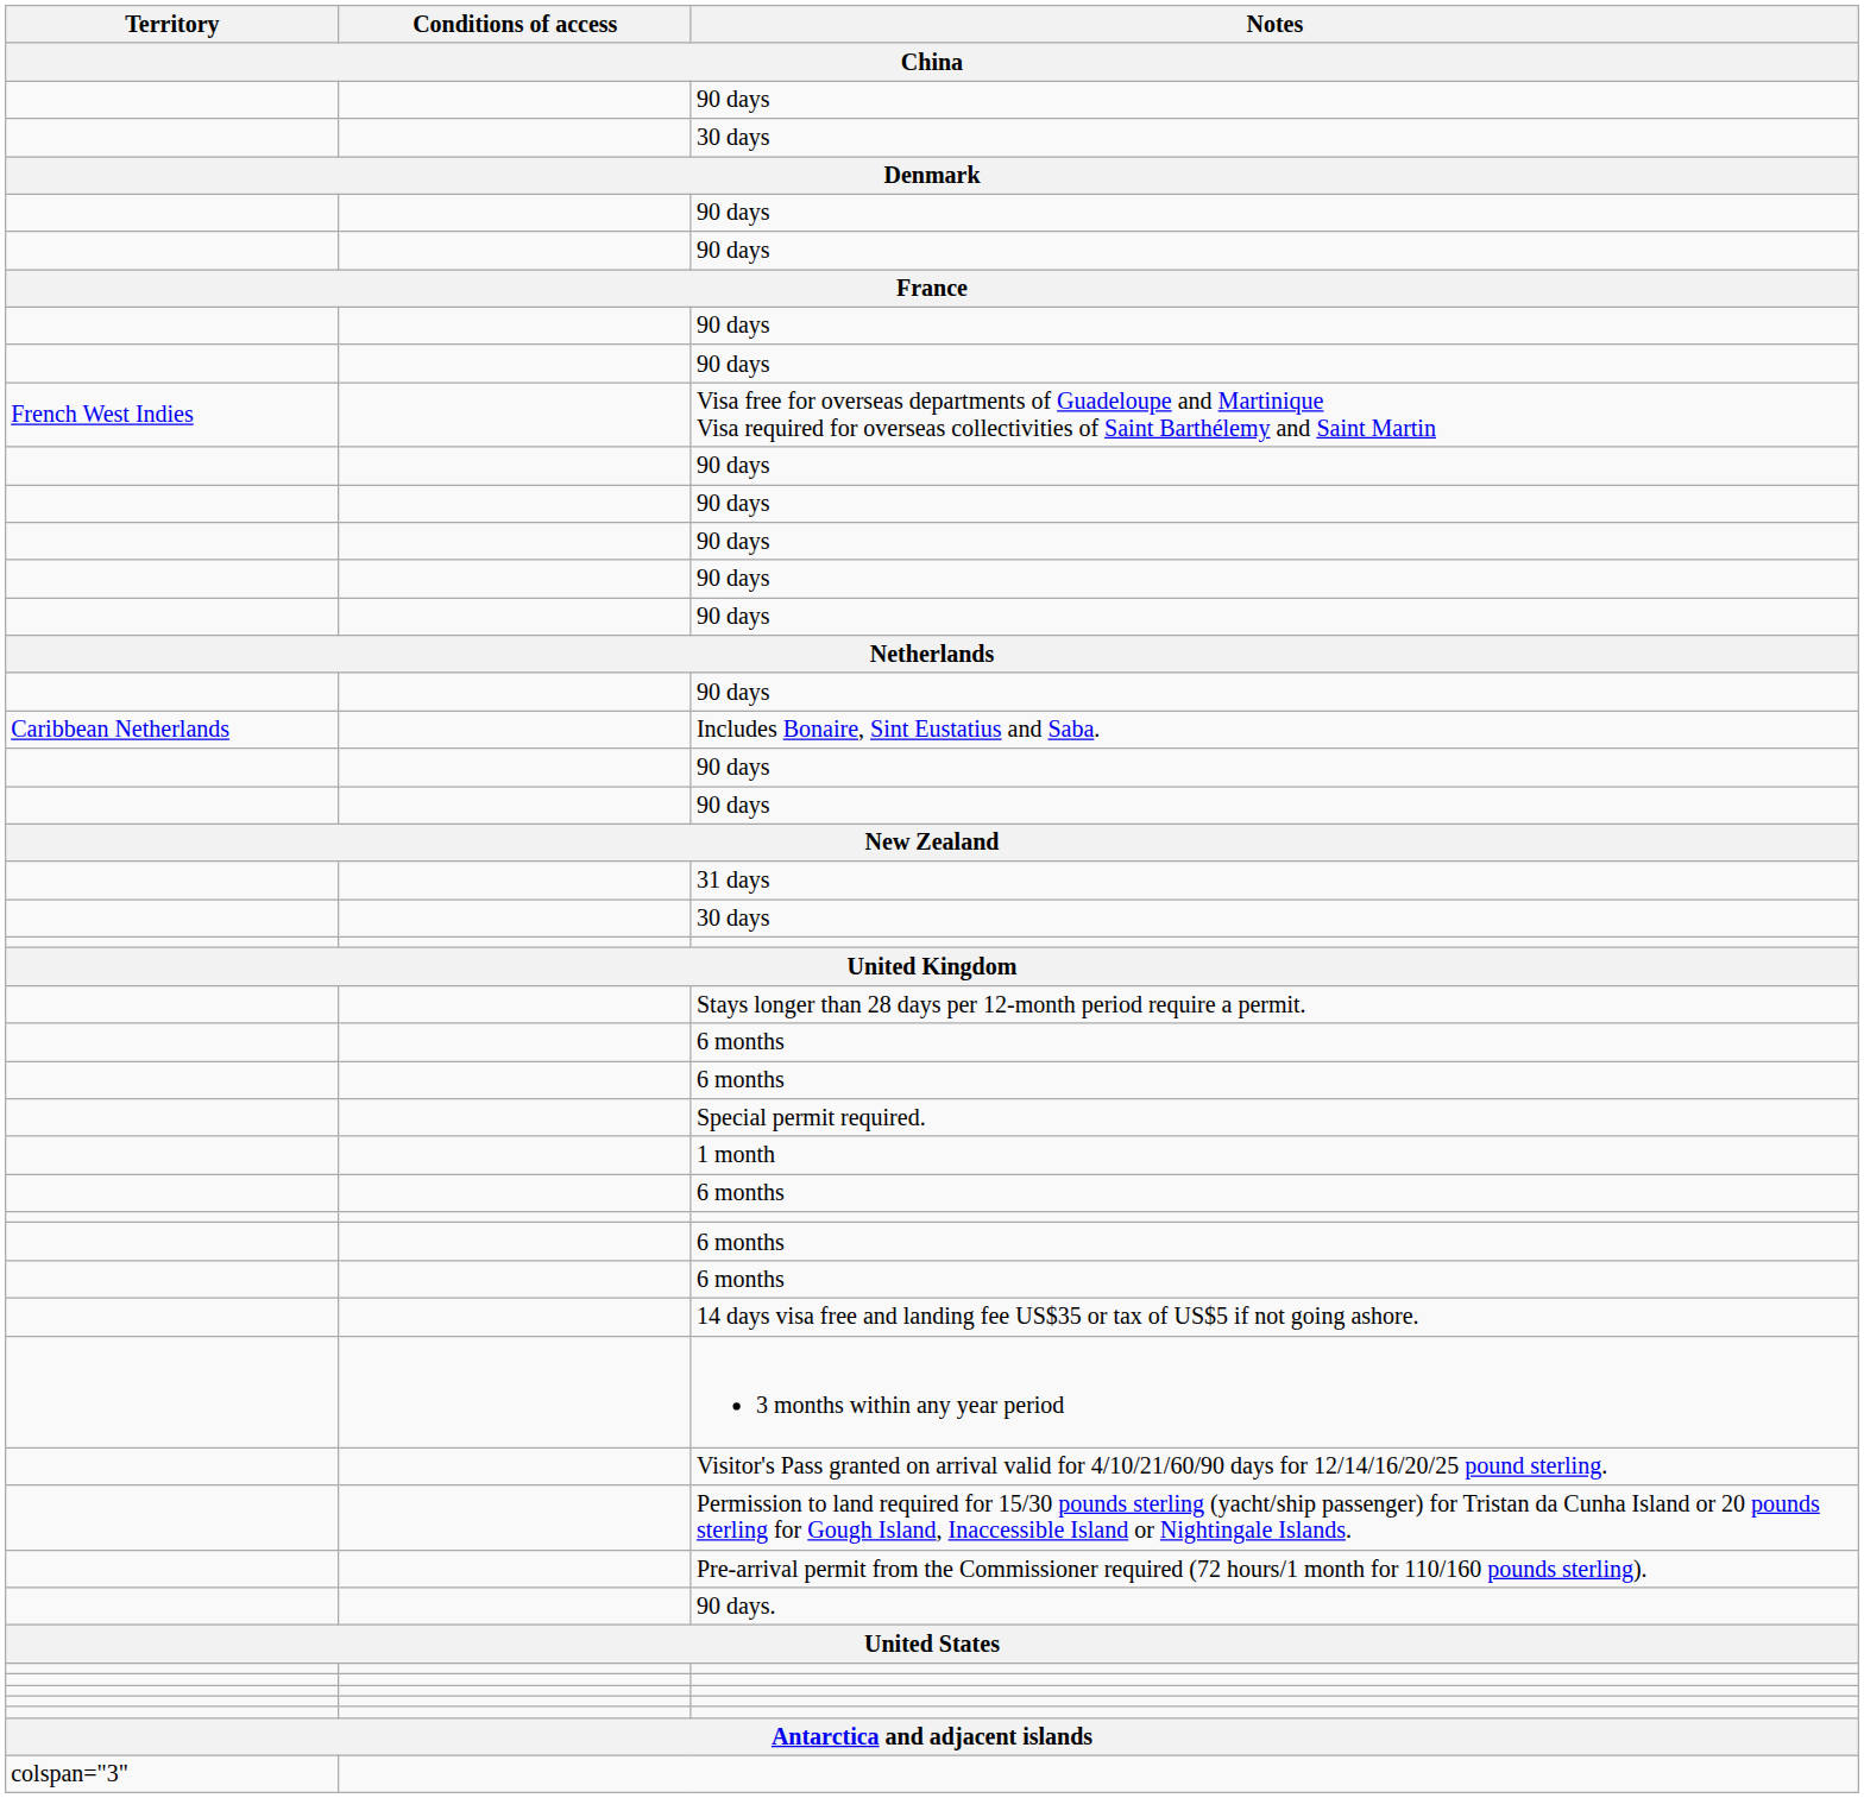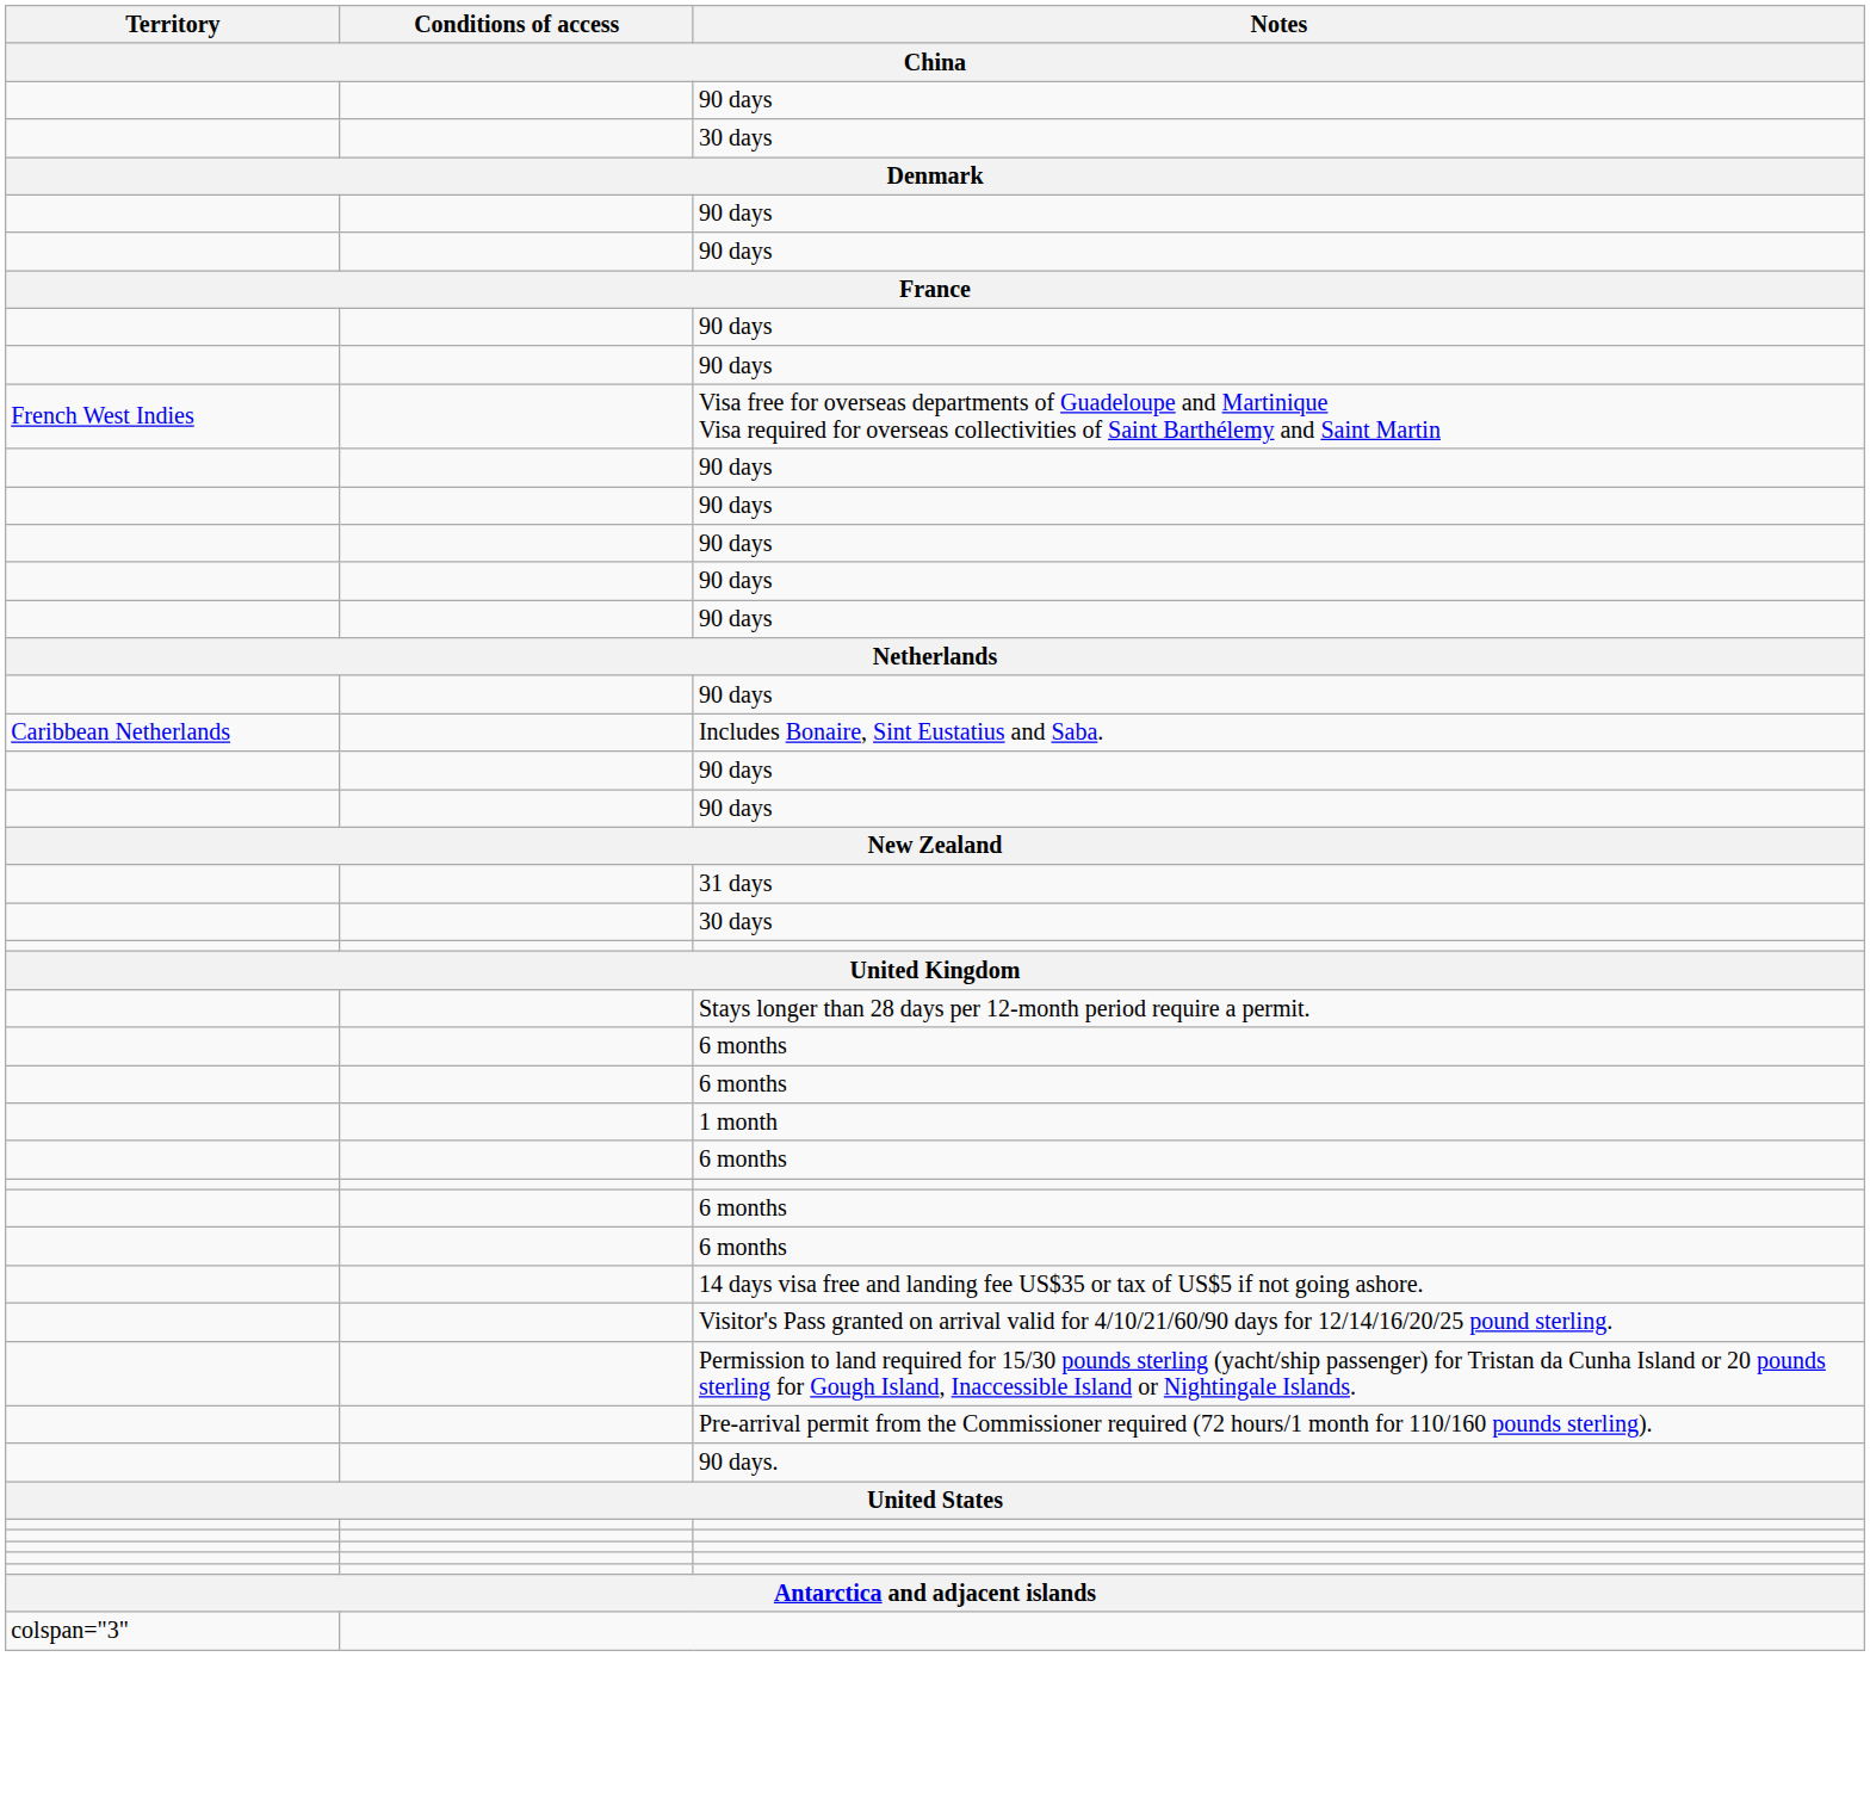 <table class="wikitable" style="text-align: left; table-layout: fixed;">
 <tr>
 <th style="width:18%;">Territory</th>
 <th style="width:19%;">Conditions of access</th>
 <th>Notes</th>
 </tr>
 <tr>
 <th colspan="3">China</th>
 </tr>
 <tr>
 <td></td>
 <td></td>
 <td>90 days</td>
 </tr>
 <tr>
 <td></td>
 <td></td>
 <td>30 days</td>
 </tr>
 <tr>
 <th colspan="3">Denmark</th>
 </tr>
 <tr>
 <td></td>
 <td></td>
 <td>90 days</td>
 </tr>
 <tr>
 <td></td>
 <td></td>
 <td>90 days</td>
 </tr>
 <tr>
 <th colspan="3">France</th>
 </tr>
 <tr>
 <td></td>
 <td></td>
 <td>90 days</td>
 </tr>
 <tr>
 <td></td>
 <td></td>
 <td>90 days</td>
 </tr>
 <tr>
 <td> <a href='#'>French West Indies</a></td>
 <td></td>
 <td>Visa free for overseas departments of <a href='#'>Guadeloupe</a> and <a href='#'>Martinique</a><br> Visa required for overseas collectivities of <a href='#'>Saint Barthélemy</a> and <a href='#'>Saint Martin</a></td>
 </tr>
 <tr>
 <td></td>
 <td></td>
 <td>90 days</td>
 </tr>
 <tr>
 <td></td>
 <td></td>
 <td>90 days</td>
 </tr>
 <tr>
 <td></td>
 <td></td>
 <td>90 days</td>
 </tr>
 <tr>
 <td></td>
 <td></td>
 <td>90 days</td>
 </tr>
 <tr>
 <td></td>
 <td></td>
 <td>90 days</td>
 </tr>
 <tr>
 <th colspan="3">Netherlands</th>
 </tr>
 <tr>
 <td></td>
 <td></td>
 <td>90 days</td>
 </tr>
 <tr>
 <td> <a href='#'>Caribbean Netherlands</a></td>
 <td></td>
 <td>Includes <a href='#'>Bonaire</a>, <a href='#'>Sint Eustatius</a> and <a href='#'>Saba</a>.</td>
 </tr>
 <tr>
 <td></td>
 <td></td>
 <td>90 days</td>
 </tr>
 <tr>
 <td></td>
 <td></td>
 <td>90 days</td>
 </tr>
 <tr>
 <th colspan="3">New Zealand</th>
 </tr>
 <tr>
 <td></td>
 <td></td>
 <td>31 days</td>
 </tr>
 <tr>
 <td></td>
 <td></td>
 <td>30 days</td>
 </tr>
 <tr>
 <td></td>
 <td></td>
 <td></td>
 </tr>
 <tr>
 <th colspan="3">United Kingdom</th>
 </tr>
 <tr>
 <td></td>
 <td></td>
 <td>Stays longer than 28 days per 12-month period require a permit.</td>
 </tr>
 <tr>
 <td></td>
 <td></td>
 <td>6 months</td>
 </tr>
 <tr>
 <td></td>
 <td></td>
 <td>6 months</td>
 </tr>
 <tr>
 <td></td>
 <td></td>
-<td>Special permit required.</td>
-</tr>
-<tr>
-<td></td>
-<td></td>
 <td>1 month</td>
 </tr>
 <tr>
 <td></td>
 <td></td>
 <td>6 months</td>
 </tr>
 <tr>
 <td></td>
 <td></td>
 <td></td>
 </tr>
 <tr>
 <td></td>
 <td></td>
 <td>6 months</td>
 </tr>
 <tr>
 <td></td>
 <td></td>
 <td>6 months</td>
 </tr>
 <tr>
 <td></td>
 <td></td>
 <td>14 days visa free and landing fee US$35 or tax of US$5 if not going ashore.</td>
-</tr>
-<tr>
-<td></td>
-<td></td>
-<td><br><ul><li>3 months within any year period</li></ul></td>
 </tr>
 <tr>
 <td></td>
 <td></td>
 <td>Visitor's Pass granted on arrival valid for 4/10/21/60/90 days for 12/14/16/20/25 <a href='#'>pound sterling</a>.</td>
 </tr>
 <tr>
 <td></td>
 <td></td>
 <td>Permission to land required for 15/30 <a href='#'>pounds sterling</a> (yacht/ship passenger) for Tristan da Cunha Island or 20 <a href='#'>pounds sterling</a> for <a href='#'>Gough Island</a>, <a href='#'>Inaccessible Island</a> or <a href='#'>Nightingale Islands</a>.</td>
 </tr>
 <tr>
 <td></td>
 <td></td>
 <td>Pre-arrival permit from the Commissioner required (72 hours/1 month for 110/160 <a href='#'>pounds sterling</a>).</td>
 </tr>
 <tr>
 <td></td>
 <td></td>
 <td>90 days.</td>
 </tr>
 <tr>
 <th colspan="3">United States</th>
 </tr>
 <tr>
 <td></td>
 <td></td>
 <td></td>
 </tr>
 <tr>
 <td></td>
 <td></td>
 <td></td>
 </tr>
 <tr>
 <td></td>
 <td></td>
 <td></td>
 </tr>
 <tr>
 <td></td>
 <td></td>
 <td></td>
 </tr>
 <tr>
 <td></td>
 <td></td>
 <td></td>
 </tr>
 <tr>
 <th colspan="3"><a href='#'>Antarctica</a> and adjacent islands</th>
 </tr>
 <tr>
 <td>colspan="3" </td>
 </tr>
 </table>
